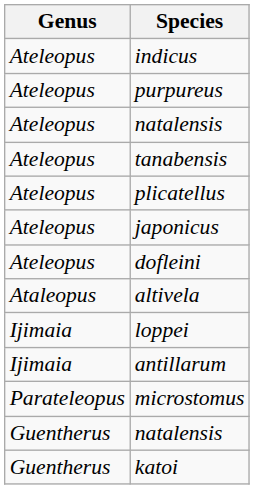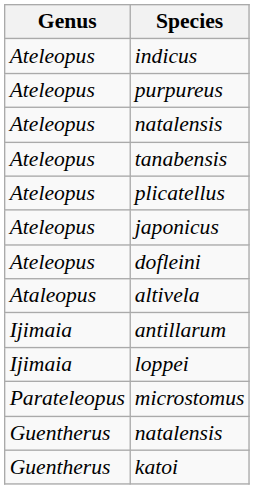 <table class="wikitable">
 <tr>
 <th>Genus</th>
 <th>Species</th>
 </tr>
 <tr>
 <td><em>Ateleopus</em></td>
 <td><em>indicus</em></td>
 </tr>
 <tr>
 <td><em>Ateleopus</em></td>
 <td><em>purpureus</em></td>
 </tr>
 <tr>
 <td><em>Ateleopus</em></td>
 <td><em>natalensis</em></td>
 </tr>
 <tr>
 <td><em>Ateleopus</em></td>
 <td><em>tanabensis</em></td>
 </tr>
 <tr>
 <td><em>Ateleopus</em></td>
 <td><em>plicatellus</em></td>
 </tr>
 <tr>
 <td><em>Ateleopus</em></td>
 <td><em>japonicus</em></td>
 </tr>
 <tr>
 <td><em>Ateleopus</em></td>
 <td><em>dofleini</em></td>
 </tr>
 <tr>
 <td><em>Ataleopus</em></td>
 <td><em>altivela</em></td>
 </tr>
 <tr>
 <td><em>Ijimaia</em></td>
-<td><em>loppei</em></td>
+<td><em>antillarum</em></td>
 </tr>
 <tr>
 <td><em>Ijimaia</em></td>
-<td><em>antillarum</em></td>
+<td><em>loppei</em></td>
 </tr>
 <tr>
 <td><em>Parateleopus</em></td>
 <td><em>microstomus</em></td>
 </tr>
 <tr>
 <td><em>Guentherus</em></td>
 <td><em>natalensis</em></td>
 </tr>
 <tr>
 <td><em>Guentherus</em></td>
 <td><em>katoi</em></td>
 </tr>
 </table>
